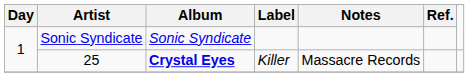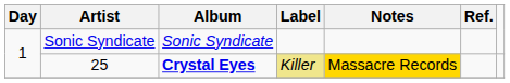 <table class="wikitable" id="table_July">
 <tr>
 <th>Day</th>
 <th>Artist</th>
 <th>Album</th>
 <th>Label</th>
 <th>Notes</th>
 <th>Ref.</th>
 </tr>
 <tr>
 <td rowspan="2" style="text-align:center;">1</td>
 <td><a href='#'>Sonic Syndicate</a></td>
 <td><em><a href='#'>Sonic Syndicate</a></em></td>
 <td></td>
 <td></td>
 <td></td>
 </tr>
 <tr>
 <td rowspan="1" style="text-align:center;">25</td>
 <td><strong><a href='#'>Crystal Eyes</a></strong></td>
-<td><em>Killer</em></td>
-<td>Massacre Records</td>
+<td style="background: khaki;"><em>Killer</em></td>
+<td style="background: gold;">Massacre Records</td>
 <td></td>
 <td></td>
 </tr>
 <tr>
 </tr>
 </table>
